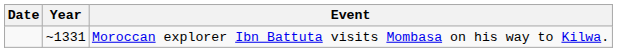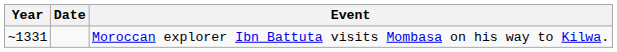 <table class="wikitable">
 <tr>
+<th>Year</th>
 <th>Date</th>
-<th>Year</th>
 <th>Event</th>
 </tr>
 <tr>
+<td>~1331</td>
 <td></td>
-<td>~1331</td>
 <td><a href='#'>Moroccan</a> explorer <a href='#'>Ibn Battuta</a> visits <a href='#'>Mombasa</a> on his way to <a href='#'>Kilwa</a>.</td>
 </tr>
 </table>
